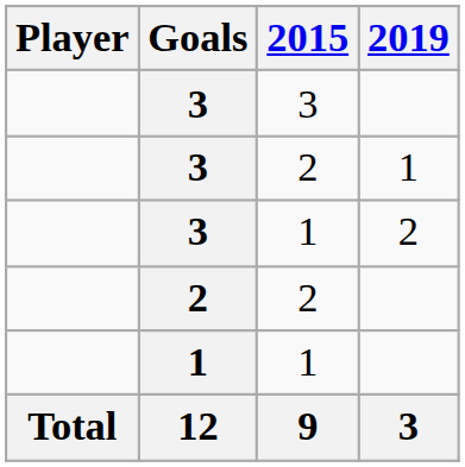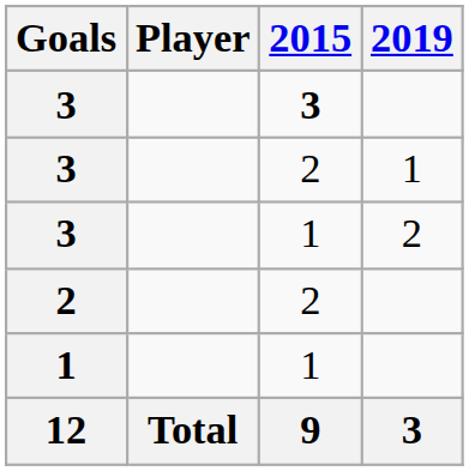 <table class="wikitable sortable" style="text-align:center;">
 <tr>
+<th>Goals</th>
 <th>Player</th>
-<th>Goals</th>
 <th><a href='#'>2015</a></th>
 <th><a href='#'>2019</a></th>
 </tr>
 <tr>
+<th>3</th>
 <td align="left"></td>
-<th>3</th>
-<td>3</td>
+<td><strong>3</strong></td>
 <td></td>
 </tr>
 <tr>
+<th>3</th>
 <td align="left"></td>
-<th>3</th>
 <td>2</td>
 <td>1</td>
 </tr>
 <tr>
+<th>3</th>
 <td align="left"></td>
-<th>3</th>
 <td>1</td>
 <td>2</td>
 </tr>
 <tr>
+<th>2</th>
 <td align="left"></td>
-<th>2</th>
 <td>2</td>
 <td></td>
 </tr>
 <tr>
+<th>1</th>
 <td align="left"></td>
-<th>1</th>
 <td>1</td>
 <td></td>
 </tr>
 <tr class="sortbottom">
+<th>12</th>
 <th>Total</th>
-<th>12</th>
 <th>9</th>
 <th>3</th>
 </tr>
 </table>
